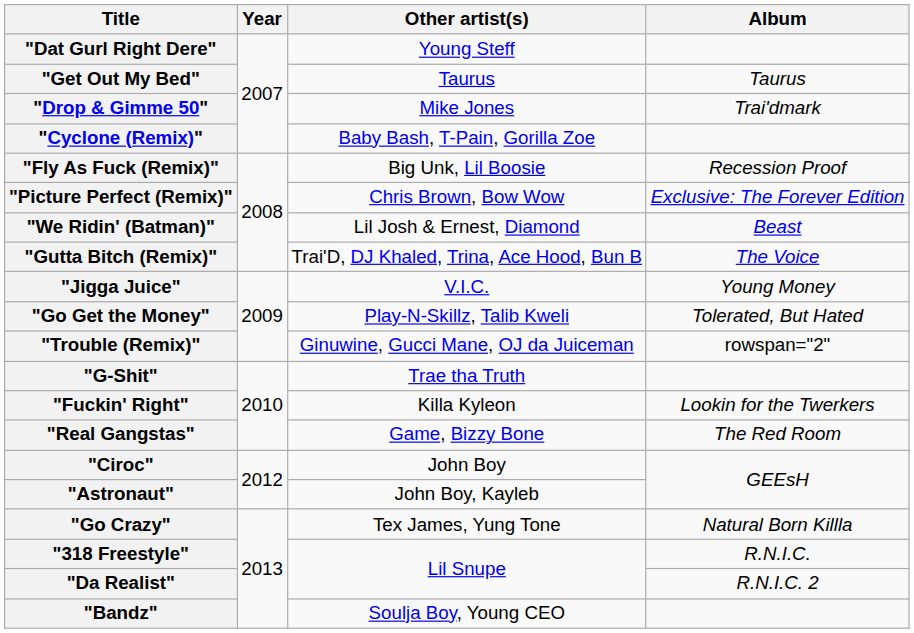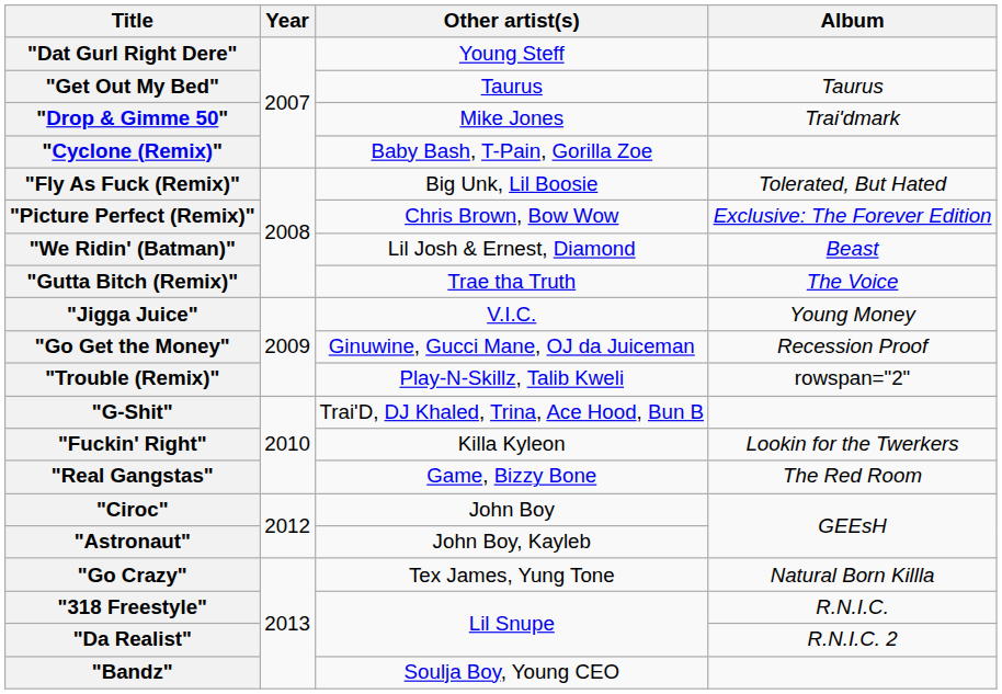 <table class="wikitable plainrowheaders" style="text-align:center;">
 <tr>
 <th scope="col">Title</th>
 <th scope="col">Year</th>
 <th scope="col">Other artist(s)</th>
 <th scope="col">Album</th>
 </tr>
 <tr>
 <th scope="row">"Dat Gurl Right Dere"</th>
 <td rowspan="4">2007</td>
 <td><a href='#'>Young Steff</a></td>
 <td></td>
 </tr>
 <tr>
 <th scope="row">"Get Out My Bed"</th>
 <td><a href='#'>Taurus</a></td>
 <td><em>Taurus</em></td>
 </tr>
 <tr>
 <th scope="row">"<a href='#'>Drop & Gimme 50</a>"</th>
 <td><a href='#'>Mike Jones</a></td>
 <td><em>Trai'dmark</em></td>
 </tr>
 <tr>
 <th scope="row">"<a href='#'>Cyclone (Remix)</a>"</th>
 <td><a href='#'>Baby Bash</a>, <a href='#'>T-Pain</a>, <a href='#'>Gorilla Zoe</a></td>
 <td></td>
 </tr>
 <tr>
 <th scope="row">"Fly As Fuck (Remix)"</th>
 <td rowspan="4">2008</td>
 <td>Big Unk, <a href='#'>Lil Boosie</a></td>
-<td><em>Recession Proof</em></td>
+<td><em>Tolerated, But Hated</em></td>
 </tr>
 <tr>
 <th scope="row">"Picture Perfect (Remix)"</th>
 <td><a href='#'>Chris Brown</a>, <a href='#'>Bow Wow</a></td>
 <td><em><a href='#'>Exclusive: The Forever Edition</a></em></td>
 </tr>
 <tr>
 <th scope="row">"We Ridin' (Batman)"</th>
 <td>Lil Josh & Ernest, <a href='#'>Diamond</a></td>
 <td><em><a href='#'>Beast</a></em></td>
 </tr>
 <tr>
 <th scope="row">"Gutta Bitch (Remix)"</th>
-<td>Trai'D, <a href='#'>DJ Khaled</a>, <a href='#'>Trina</a>, <a href='#'>Ace Hood</a>, <a href='#'>Bun B</a></td>
+<td><a href='#'>Trae tha Truth</a></td>
 <td><em><a href='#'>The Voice</a></em></td>
 </tr>
 <tr>
 <th scope="row">"Jigga Juice"</th>
 <td rowspan="3">2009</td>
 <td><a href='#'>V.I.C.</a></td>
 <td><em>Young Money</em></td>
 </tr>
 <tr>
 <th scope="row">"Go Get the Money"</th>
-<td><a href='#'>Play-N-Skillz</a>, <a href='#'>Talib Kweli</a></td>
-<td><em>Tolerated, But Hated</em></td>
+<td><a href='#'>Ginuwine</a>, <a href='#'>Gucci Mane</a>, <a href='#'>OJ da Juiceman</a></td>
+<td><em>Recession Proof</em></td>
 </tr>
 <tr>
 <th scope="row">"Trouble (Remix)"</th>
-<td><a href='#'>Ginuwine</a>, <a href='#'>Gucci Mane</a>, <a href='#'>OJ da Juiceman</a></td>
+<td><a href='#'>Play-N-Skillz</a>, <a href='#'>Talib Kweli</a></td>
 <td>rowspan="2" </td>
 </tr>
 <tr>
 <th scope="row">"G-Shit"</th>
 <td rowspan="3">2010</td>
-<td><a href='#'>Trae tha Truth</a></td>
+<td>Trai'D, <a href='#'>DJ Khaled</a>, <a href='#'>Trina</a>, <a href='#'>Ace Hood</a>, <a href='#'>Bun B</a></td>
 </tr>
 <tr>
 <th scope="row">"Fuckin' Right"</th>
 <td>Killa Kyleon</td>
 <td><em>Lookin for the Twerkers</em></td>
 </tr>
 <tr>
 <th scope="row">"Real Gangstas"</th>
 <td><a href='#'>Game</a>, <a href='#'>Bizzy Bone</a></td>
 <td><em>The Red Room</em></td>
 </tr>
 <tr>
 <th scope="row">"Ciroc"</th>
 <td rowspan="2">2012</td>
 <td>John Boy</td>
 <td rowspan="2"><em>GEEsH</em></td>
 </tr>
 <tr>
 <th scope="row">"Astronaut"</th>
 <td>John Boy, Kayleb</td>
 </tr>
 <tr>
 <th scope="row">"Go Crazy"</th>
 <td rowspan="4">2013</td>
 <td>Tex James, Yung Tone</td>
 <td><em>Natural Born Killla</em></td>
 </tr>
 <tr>
 <th scope="row">"318 Freestyle"</th>
 <td rowspan="2"><a href='#'>Lil Snupe</a></td>
 <td><em>R.N.I.C.</em></td>
 </tr>
 <tr>
 <th scope="row">"Da Realist"</th>
 <td><em>R.N.I.C. 2</em></td>
 </tr>
 <tr>
 <th scope="row">"Bandz"</th>
 <td><a href='#'>Soulja Boy</a>, Young CEO</td>
 <td></td>
 </tr>
 </table>
